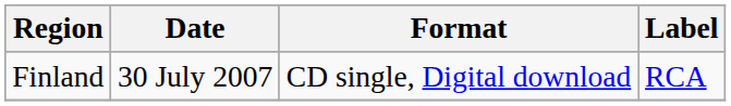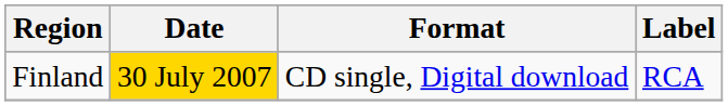 <table class=wikitable>
 <tr>
 <th>Region</th>
 <th>Date</th>
 <th>Format</th>
 <th>Label</th>
 </tr>
 <tr>
 <td>Finland</td>
-<td rowspan=1>30 July 2007</td>
+<td rowspan=1 style="background: gold;">30 July 2007</td>
 <td rowspan=1>CD single, <a href='#'>Digital download</a></td>
 <td rowspan=1><a href='#'>RCA</a></td>
 </tr>
 <tr>
 </tr>
 </table>
